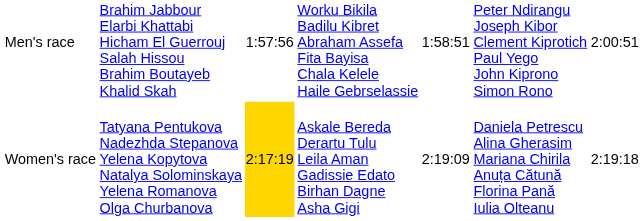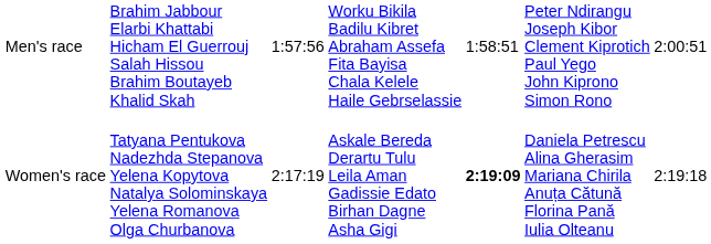 <table>
 <tr>
 <td>Men's race</td>
 <td><br><a href='#'>Brahim Jabbour</a><br><a href='#'>Elarbi Khattabi</a><br><a href='#'>Hicham El Guerrouj</a><br><a href='#'>Salah Hissou</a><br><a href='#'>Brahim Boutayeb</a><br><a href='#'>Khalid Skah</a></td>
 <td>1:57:56</td>
 <td><br><a href='#'>Worku Bikila</a><br><a href='#'>Badilu Kibret</a><br><a href='#'>Abraham Assefa</a><br><a href='#'>Fita Bayisa</a><br><a href='#'>Chala Kelele</a><br><a href='#'>Haile Gebrselassie</a></td>
 <td>1:58:51</td>
 <td><br><a href='#'>Peter Ndirangu</a><br><a href='#'>Joseph Kibor</a><br><a href='#'>Clement Kiprotich</a><br><a href='#'>Paul Yego</a><br><a href='#'>John Kiprono</a><br><a href='#'>Simon Rono</a></td>
 <td>2:00:51</td>
 </tr>
 <tr>
 <td>Women's race</td>
 <td><br><a href='#'>Tatyana Pentukova</a><br><a href='#'>Nadezhda Stepanova</a><br><a href='#'>Yelena Kopytova</a><br><a href='#'>Natalya Solominskaya</a><br><a href='#'>Yelena Romanova</a><br><a href='#'>Olga Churbanova</a></td>
-<td style="background: gold;">2:17:19</td>
+<td>2:17:19</td>
 <td><br><a href='#'>Askale Bereda</a><br><a href='#'>Derartu Tulu</a><br><a href='#'>Leila Aman</a><br><a href='#'>Gadissie Edato</a><br><a href='#'>Birhan Dagne</a><br><a href='#'>Asha Gigi</a></td>
-<td>2:19:09</td>
+<td><strong>2:19:09</strong></td>
 <td><br><a href='#'>Daniela Petrescu</a><br><a href='#'>Alina Gherasim</a><br><a href='#'>Mariana Chirila</a><br><a href='#'>Anuța Cătună</a><br><a href='#'>Florina Pană</a><br><a href='#'>Iulia Olteanu</a></td>
 <td>2:19:18</td>
 </tr>
 </table>
